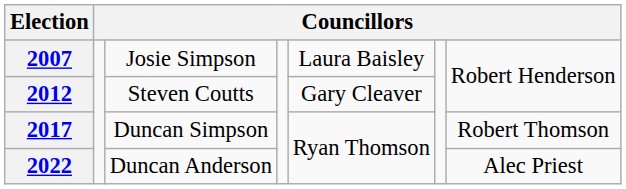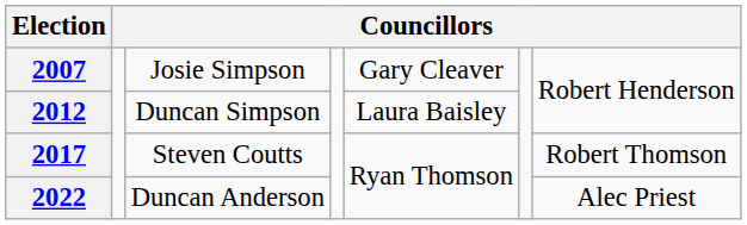 <table class="wikitable" style="text-align:center">
 <tr>
 <th>Election</th>
 <th colspan=8>Councillors</th>
 </tr>
 <tr>
 <th><a href='#'>2007</a></th>
 <td rowspan=4; style="background-color: "></td>
 <td rowspan=1>Josie Simpson</td>
 <td rowspan=4; style="background-color: "></td>
-<td rowspan=1>Laura Baisley</td>
+<td rowspan=1>Gary Cleaver</td>
 <td rowspan=4; style="background-color: "></td>
 <td rowspan=2>Robert Henderson</td>
 </tr>
 <tr>
 <th><a href='#'>2012</a></th>
-<td rowspan=1>Steven Coutts</td>
-<td rowspan=1>Gary Cleaver</td>
+<td rowspan=1>Duncan Simpson</td>
+<td rowspan=1>Laura Baisley</td>
 </tr>
 <tr>
 <th><a href='#'>2017</a></th>
-<td rowspan=1>Duncan Simpson</td>
+<td rowspan=1>Steven Coutts</td>
 <td rowspan=2>Ryan Thomson</td>
 <td>Robert Thomson</td>
 </tr>
 <tr>
 <th><a href='#'>2022</a></th>
 <td rowspan=1>Duncan Anderson</td>
 <td rowspan=1>Alec Priest</td>
 </tr>
 </table>
